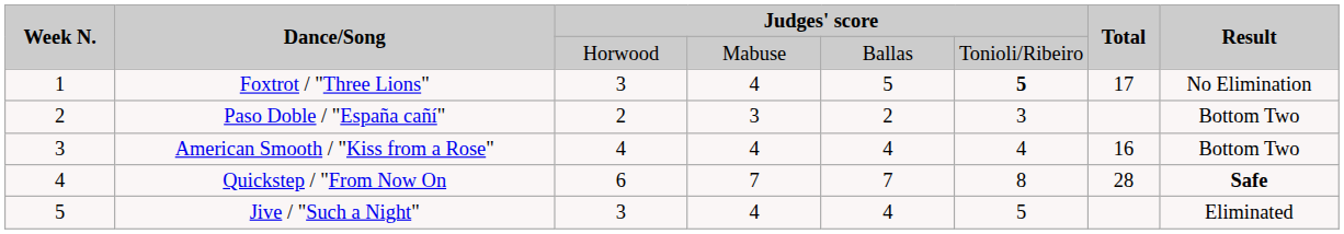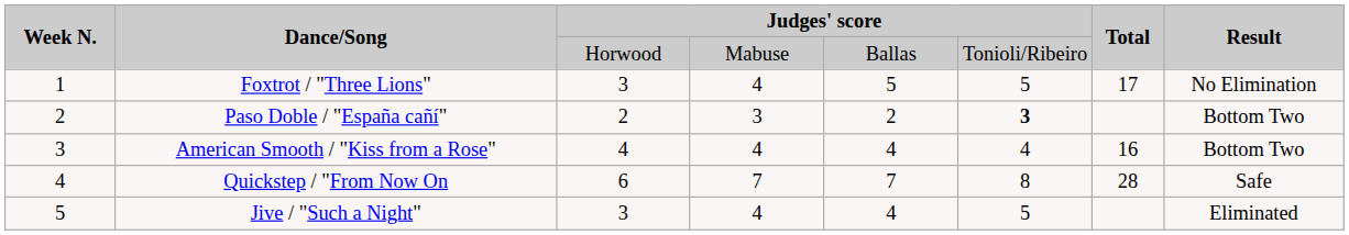 <table class="wikitable">
 <tr>
 <td rowspan="2" style="background:#CCCCCC;" align="Center"><strong>Week N.</strong></td>
 <td rowspan="2" style="background:#CCCCCC;" align="Center"><strong>Dance/Song</strong></td>
 <td colspan="4" style="background:#CCCCCC;" align="Center"><strong>Judges' score</strong></td>
 <td rowspan="2" style="background:#CCCCCC;" align="Center"><strong>Total</strong></td>
 <td rowspan="2" style="background:#CCCCCC;" align="Center"><strong>Result</strong></td>
 </tr>
 <tr>
 <td style="background:#CCCCCC;" width="10%" align="center">Horwood</td>
 <td style="background:#CCCCCC;" width="10%" align="center">Mabuse</td>
 <td style="background:#CCCCCC;" width="10%" align="center">Ballas</td>
 <td style="background:#CCCCCC;" width="10%" align="center">Tonioli/Ribeiro</td>
 </tr>
 <tr>
 <td style="text-align:center; background:#faf6f6;">1</td>
 <td style="text-align:center; background:#faf6f6;"><a href='#'>Foxtrot</a> / "<a href='#'>Three Lions</a>"</td>
 <td style="text-align:center; background:#faf6f6;">3</td>
 <td style="text-align:center; background:#faf6f6;">4</td>
 <td style="text-align:center; background:#faf6f6;">5</td>
-<td style="text-align:center; background:#faf6f6;"><strong>5</strong></td>
+<td style="text-align:center; background:#faf6f6;">5</td>
 <td style="text-align:center; background:#faf6f6;">17</td>
 <td style="text-align:center; background:#faf6f6;">No Elimination</td>
 </tr>
 <tr>
 <td style="text-align:center; background:#faf6f6;">2</td>
 <td style="text-align:center; background:#faf6f6;"><a href='#'>Paso Doble</a> / "<a href='#'>España cañí</a>"</td>
 <td style="text-align:center; background:#faf6f6;">2</td>
 <td style="text-align:center; background:#faf6f6;">3</td>
 <td style="text-align:center; background:#faf6f6;">2</td>
-<td style="text-align:center; background:#faf6f6;">3</td>
+<td style="text-align:center; background:#faf6f6;"><strong>3</strong></td>
 <td style="text-align:center; background:#faf6f6;"></td>
 <td style="text-align:center; background:#faf6f6;">Bottom Two</td>
 </tr>
 <tr>
 <td style="text-align:center; background:#faf6f6;">3</td>
 <td style="text-align:center; background:#faf6f6;"><a href='#'>American Smooth</a> / "<a href='#'>Kiss from a Rose</a>"</td>
 <td style="text-align:center; background:#faf6f6;">4</td>
 <td style="text-align:center; background:#faf6f6;">4</td>
 <td style="text-align:center; background:#faf6f6;">4</td>
 <td style="text-align:center; background:#faf6f6;">4</td>
 <td style="text-align:center; background:#faf6f6;">16</td>
 <td style="text-align:center; background:#faf6f6;">Bottom Two</td>
 </tr>
 <tr>
 <td style="text-align:center; background:#faf6f6;">4</td>
 <td style="text-align:center; background:#faf6f6;"><a href='#'>Quickstep</a> / "<a href='#'>From Now On</a></td>
 <td style="text-align:center; background:#faf6f6;">6</td>
 <td style="text-align:center; background:#faf6f6;">7</td>
 <td style="text-align:center; background:#faf6f6;">7</td>
 <td style="text-align:center; background:#faf6f6;">8</td>
 <td style="text-align:center; background:#faf6f6;">28</td>
-<td style="text-align:center; background:#faf6f6;"><strong>Safe</strong></td>
+<td style="text-align:center; background:#faf6f6;">Safe</td>
 </tr>
 <tr>
 <td style="text-align:center; background:#faf6f6;">5</td>
 <td style="text-align:center; background:#faf6f6;"><a href='#'>Jive</a> / "<a href='#'>Such a Night</a>"</td>
 <td style="text-align:center; background:#faf6f6;">3</td>
 <td style="text-align:center; background:#faf6f6;">4</td>
 <td style="text-align:center; background:#faf6f6;">4</td>
 <td style="text-align:center; background:#faf6f6;">5</td>
 <td style="text-align:center; background:#faf6f6;"></td>
 <td style="text-align:center; background:#faf6f6;">Eliminated</td>
 </tr>
 </table>
